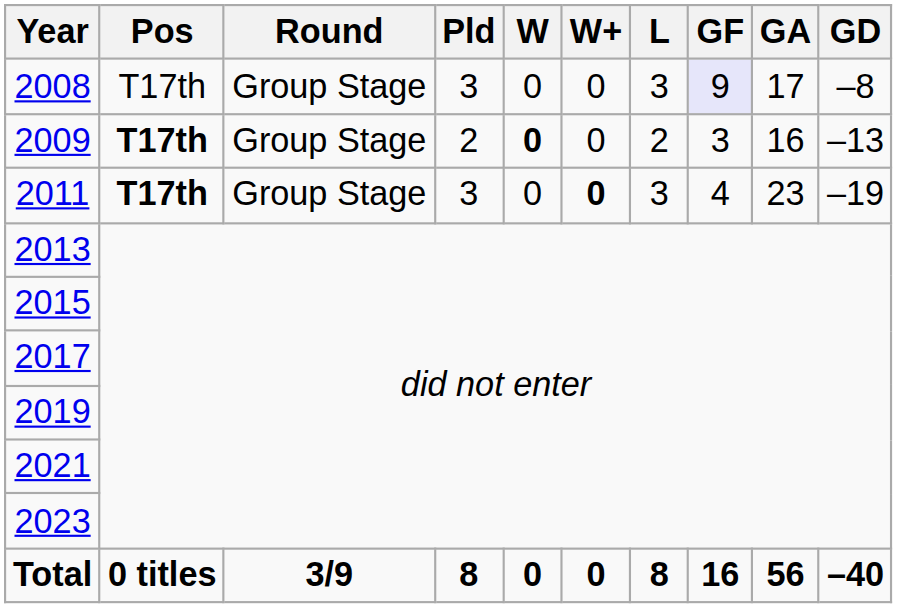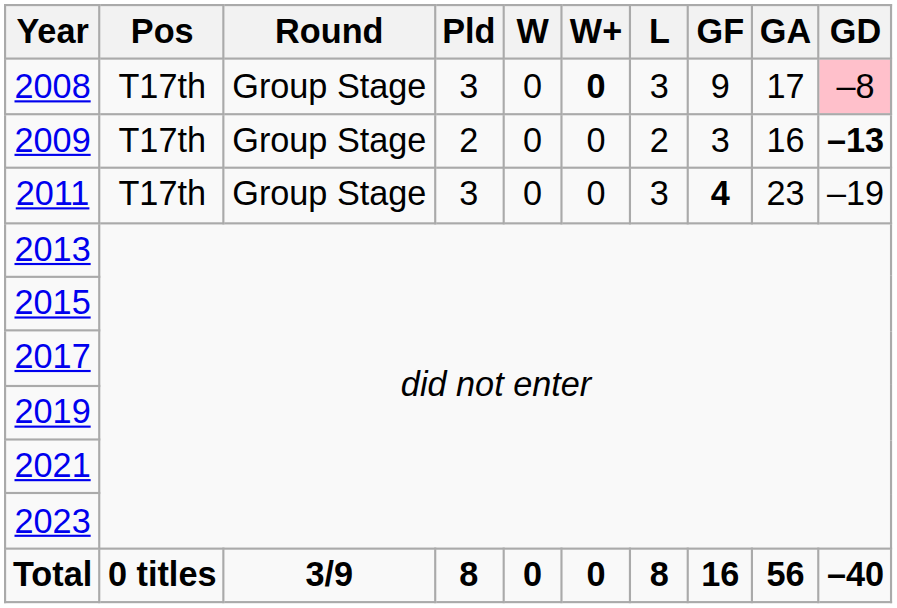 <table class="wikitable" style="text-align: center;">
 <tr>
 <th>Year</th>
 <th>Pos</th>
 <th>Round</th>
 <th width=20>Pld</th>
 <th width=20>W</th>
 <th width=20>W+</th>
 <th width=20>L</th>
 <th width=20>GF</th>
 <th width=20>GA</th>
 <th>GD</th>
 </tr>
 <tr>
 <td>  <a href='#'>2008</a></td>
 <td>T17th</td>
 <td>Group Stage</td>
 <td>3</td>
 <td>0</td>
-<td>0</td>
+<td><strong>0</strong></td>
 <td>3</td>
-<td style="background: lavender;">9</td>
+<td>9</td>
 <td>17</td>
-<td>–8</td>
+<td style="background: pink;">–8</td>
 </tr>
 <tr>
 <td>  <a href='#'>2009</a></td>
-<td><strong>T17th</strong></td>
+<td>T17th</td>
 <td>Group Stage</td>
 <td>2</td>
-<td><strong>0</strong></td>
+<td>0</td>
 <td>0</td>
 <td>2</td>
 <td>3</td>
 <td>16</td>
-<td>–13</td>
+<td><strong>–13</strong></td>
 </tr>
 <tr>
 <td>  <a href='#'>2011</a></td>
-<td><strong>T17th</strong></td>
+<td>T17th</td>
 <td>Group Stage</td>
 <td>3</td>
 <td>0</td>
-<td><strong>0</strong></td>
+<td>0</td>
 <td>3</td>
-<td>4</td>
+<td><strong>4</strong></td>
 <td>23</td>
 <td>–19</td>
 </tr>
 <tr>
 <td>  <a href='#'>2013</a></td>
 <td rowspan =6 colspan =9><em>did not enter</em></td>
 </tr>
 <tr>
 <td>  <a href='#'>2015</a></td>
 </tr>
 <tr>
 <td>  <a href='#'>2017</a></td>
 </tr>
 <tr>
 <td>  <a href='#'>2019</a></td>
 </tr>
 <tr>
 <td>  <a href='#'>2021</a></td>
 </tr>
 <tr>
 <td>  <a href='#'>2023</a></td>
 </tr>
 <tr>
 <td><strong>Total</strong></td>
 <td><strong>0 titles</strong></td>
 <td><strong>3/9</strong></td>
 <td><strong>8</strong></td>
 <td><strong>0</strong></td>
 <td><strong>0</strong></td>
 <td><strong>8</strong></td>
 <td><strong>16</strong></td>
 <td><strong>56</strong></td>
 <td><strong>–40</strong></td>
 </tr>
 </table>
